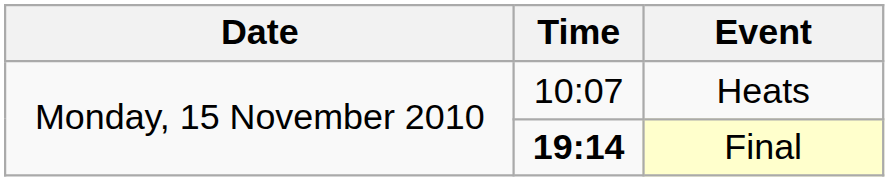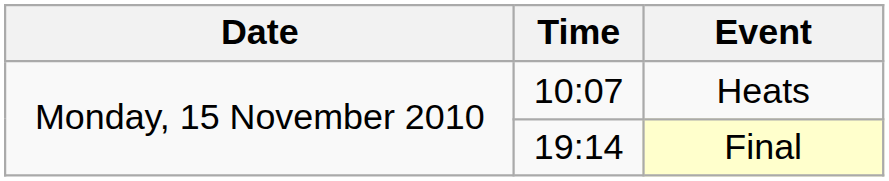 <table class = "wikitable" style="text-align:center;">
 <tr>
 <th width=220>Date</th>
 <th width=50>Time</th>
 <th width=100>Event</th>
 </tr>
 <tr>
 <td rowspan=2>Monday, 15 November 2010</td>
 <td>10:07</td>
 <td>Heats</td>
 </tr>
 <tr>
-<td><strong>19:14</strong></td>
+<td>19:14</td>
 <td bgcolor=ffffcc>Final</td>
 </tr>
 </table>
